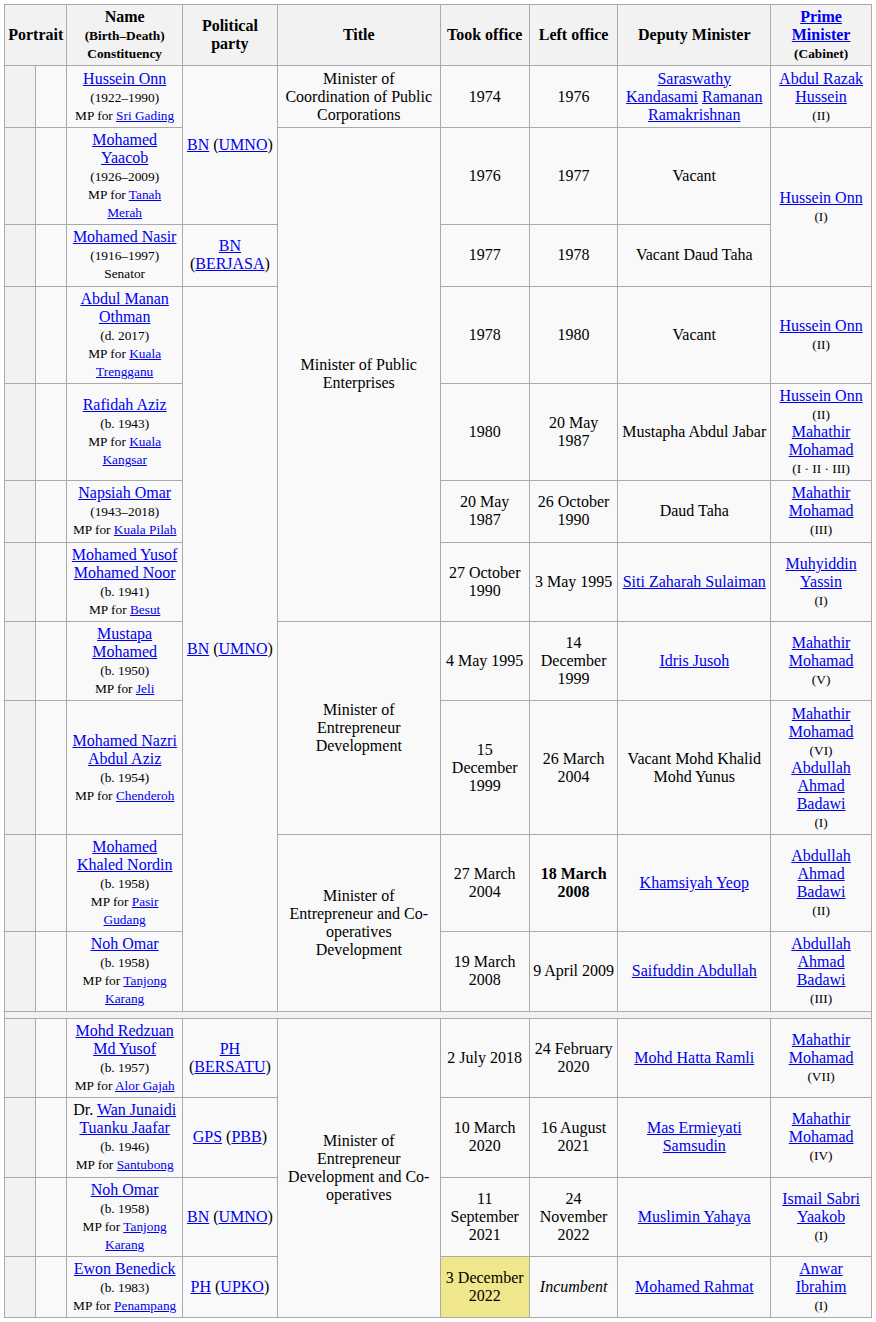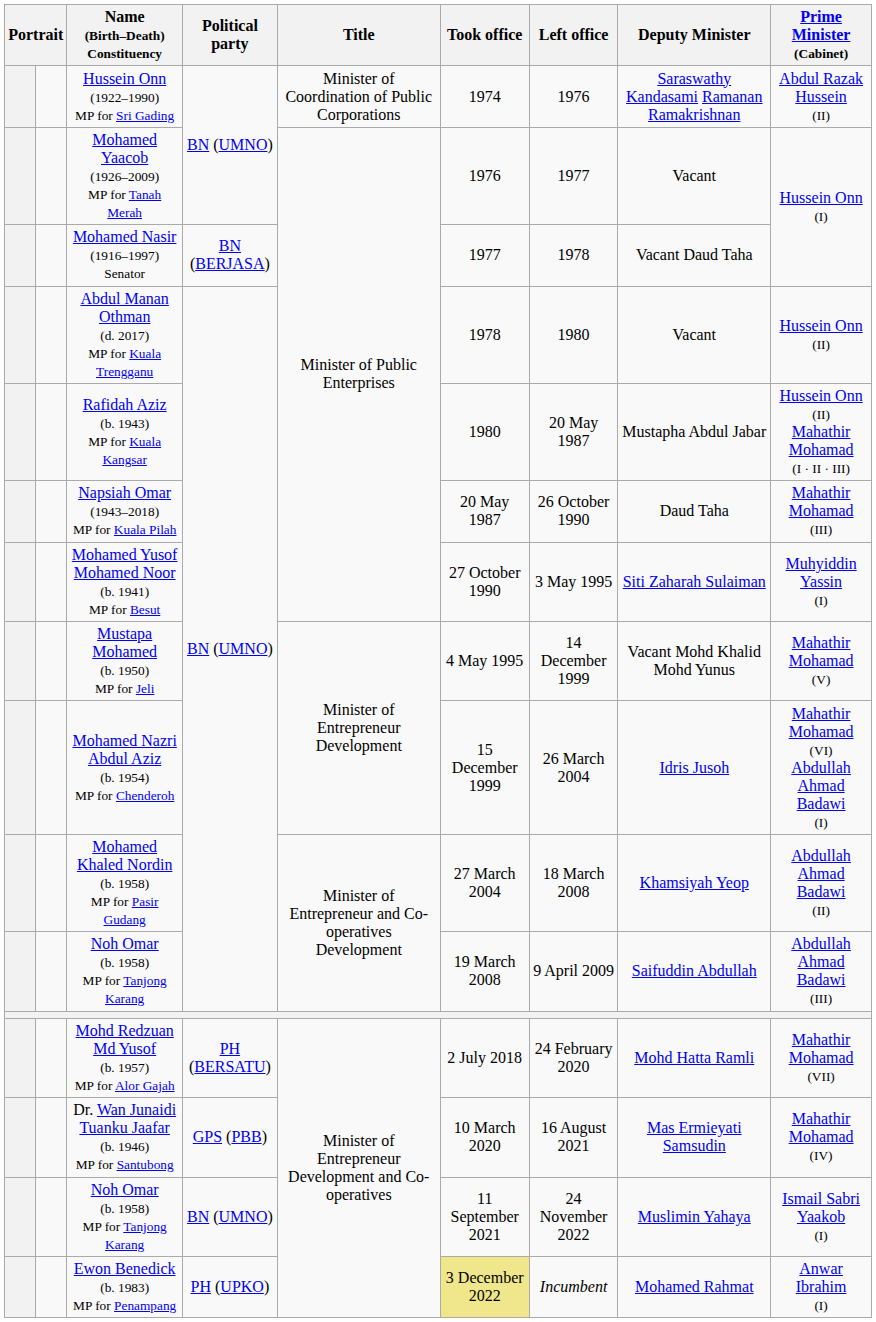 <table class="wikitable" style="text-align:center;">
 <tr>
 <th colspan=2>Portrait</th>
 <th>Name<br><small>(Birth–Death)<br>Constituency</small></th>
 <th>Political party</th>
 <th>Title</th>
 <th>Took office</th>
 <th>Left office</th>
 <th>Deputy Minister</th>
 <th><a href='#'>Prime Minister</a><br><small>(Cabinet)</small></th>
 </tr>
 <tr>
 <th style="background:"></th>
 <td></td>
 <td><a href='#'>Hussein Onn</a><br><small>(1922–1990)<br>MP for <a href='#'>Sri Gading</a></small></td>
 <td rowspan=2><a href='#'>BN</a> (<a href='#'>UMNO</a>)</td>
 <td>Minister of Coordination of Public Corporations</td>
 <td>1974</td>
 <td>1976</td>
 <td><a href='#'>Saraswathy Kandasami</a>  <a href='#'>Ramanan Ramakrishnan</a> </td>
 <td><a href='#'>Abdul Razak Hussein</a><br><small>(II)</small></td>
 </tr>
 <tr>
 <th style="background:"></th>
 <td></td>
 <td><a href='#'>Mohamed Yaacob</a><br><small>(1926–2009)<br>MP for <a href='#'>Tanah Merah</a></small></td>
 <td rowspan=6>Minister of Public Enterprises</td>
 <td>1976</td>
 <td>1977</td>
 <td>Vacant</td>
 <td rowspan="2"><a href='#'>Hussein Onn</a><br><small>(I)</small></td>
 </tr>
 <tr>
 <th style="background:"></th>
 <td></td>
 <td><a href='#'>Mohamed Nasir</a><br><small>(1916–1997)<br>Senator</small></td>
 <td><a href='#'>BN</a> (<a href='#'>BERJASA</a>)</td>
 <td>1977</td>
 <td>1978</td>
 <td>Vacant  Daud Taha </td>
 </tr>
 <tr>
 <th style="background:"></th>
 <td></td>
 <td><a href='#'>Abdul Manan Othman</a><br><small>(d. 2017)<br>MP for <a href='#'>Kuala Trengganu</a></small></td>
 <td rowspan=8><a href='#'>BN</a> (<a href='#'>UMNO</a>)</td>
 <td>1978</td>
 <td>1980</td>
 <td>Vacant</td>
 <td><a href='#'>Hussein Onn</a><br><small>(II)</small></td>
 </tr>
 <tr>
 <th style="background:"></th>
 <td></td>
 <td><a href='#'>Rafidah Aziz</a><br><small>(b. 1943)<br>MP for <a href='#'>Kuala Kangsar</a></small></td>
 <td>1980</td>
 <td>20 May 1987</td>
 <td>Mustapha Abdul Jabar</td>
 <td><a href='#'>Hussein Onn</a><br><small>(II)</small><br><a href='#'>Mahathir Mohamad</a><br><small>(I · II · III)</small></td>
 </tr>
 <tr>
 <th style="background:"></th>
 <td></td>
 <td><a href='#'>Napsiah Omar</a><br><small>(1943–2018)<br>MP for <a href='#'>Kuala Pilah</a></small></td>
 <td>20 May 1987</td>
 <td>26 October 1990</td>
 <td>Daud Taha</td>
 <td><a href='#'>Mahathir Mohamad</a><br><small>(III)</small></td>
 </tr>
 <tr>
 <th style="background:"></th>
 <td></td>
 <td><a href='#'>Mohamed Yusof Mohamed Noor</a><br><small>(b. 1941)<br>MP for <a href='#'>Besut</a></small></td>
 <td>27 October 1990</td>
 <td>3 May 1995</td>
 <td><a href='#'>Siti Zaharah Sulaiman</a></td>
 <td><a href='#'>Muhyiddin Yassin</a><br><small>(I)</small></td>
 </tr>
 <tr>
 <th style="background:"></th>
 <td></td>
 <td><a href='#'>Mustapa Mohamed</a><br><small>(b. 1950)<br>MP for <a href='#'>Jeli</a></small></td>
 <td rowspan=2>Minister of Entrepreneur Development</td>
 <td>4 May 1995</td>
 <td>14 December 1999</td>
-<td><a href='#'>Idris Jusoh</a></td>
+<td>Vacant  Mohd Khalid Mohd Yunus </td>
 <td><a href='#'>Mahathir Mohamad</a><br><small>(V)</small></td>
 </tr>
 <tr>
 <th style="background:"></th>
 <td></td>
 <td><a href='#'>Mohamed Nazri Abdul Aziz</a><br><small>(b. 1954)<br>MP for <a href='#'>Chenderoh</a></small></td>
 <td>15 December 1999</td>
 <td>26 March 2004</td>
-<td>Vacant  Mohd Khalid Mohd Yunus </td>
+<td><a href='#'>Idris Jusoh</a></td>
 <td><a href='#'>Mahathir Mohamad</a><br><small>(VI)</small><br><a href='#'>Abdullah Ahmad Badawi</a><br><small>(I)</small></td>
 </tr>
 <tr>
 <th style="background:"></th>
 <td></td>
 <td><a href='#'>Mohamed Khaled Nordin</a><br><small>(b. 1958)<br>MP for <a href='#'>Pasir Gudang</a></small></td>
 <td rowspan=2>Minister of Entrepreneur and Co-operatives Development</td>
 <td>27 March 2004</td>
-<td><strong>18 March 2008</strong></td>
+<td>18 March 2008</td>
 <td><a href='#'>Khamsiyah Yeop</a></td>
 <td><a href='#'>Abdullah Ahmad Badawi</a><br><small>(II)</small></td>
 </tr>
 <tr>
 <th style="background:"></th>
 <td></td>
 <td><a href='#'>Noh Omar</a><br><small>(b. 1958)<br>MP for <a href='#'>Tanjong Karang</a></small></td>
 <td>19 March 2008</td>
 <td>9 April 2009</td>
 <td><a href='#'>Saifuddin Abdullah</a></td>
 <td><a href='#'>Abdullah Ahmad Badawi</a><br><small>(III)</small></td>
 </tr>
 <tr>
 <th colspan="9" bgcolor="cccccc"></th>
 </tr>
 <tr>
 <th style="background:"></th>
 <td></td>
 <td><a href='#'>Mohd Redzuan Md Yusof</a><br><small>(b. 1957)<br>MP for <a href='#'>Alor Gajah</a></small></td>
 <td><a href='#'>PH</a> (<a href='#'>BERSATU</a>)</td>
 <td rowspan=4>Minister of Entrepreneur Development and Co-operatives</td>
 <td>2 July 2018</td>
 <td>24 February 2020</td>
 <td><a href='#'>Mohd Hatta Ramli</a></td>
 <td><a href='#'>Mahathir Mohamad</a><br><small>(VII)</small></td>
 </tr>
 <tr>
 <th style="background:"></th>
 <td></td>
 <td>Dr. <a href='#'>Wan Junaidi Tuanku Jaafar</a><br><small>(b. 1946)<br>MP for <a href='#'>Santubong</a></small></td>
 <td><a href='#'>GPS</a> (<a href='#'>PBB</a>)</td>
 <td>10 March 2020</td>
 <td>16 August 2021</td>
 <td><a href='#'>Mas Ermieyati Samsudin</a></td>
 <td><a href='#'>Mahathir Mohamad</a><br><small>(IV)</small></td>
 </tr>
 <tr>
 <th style="background:"></th>
 <td></td>
 <td><a href='#'>Noh Omar</a><br><small>(b. 1958)<br>MP for <a href='#'>Tanjong Karang</a></small></td>
 <td><a href='#'>BN</a> (<a href='#'>UMNO</a>)</td>
 <td>11 September 2021</td>
 <td>24 November 2022</td>
 <td><a href='#'>Muslimin Yahaya</a></td>
 <td><a href='#'>Ismail Sabri Yaakob</a><br><small>(I)</small></td>
 </tr>
 <tr>
 <th style="background:"></th>
 <td></td>
 <td><a href='#'>Ewon Benedick</a><br><small>(b. 1983)<br>MP for <a href='#'>Penampang</a></small></td>
 <td><a href='#'>PH</a> (<a href='#'>UPKO</a>)</td>
 <td style="background: khaki;">3 December 2022</td>
 <td><em>Incumbent</em></td>
 <td><a href='#'>Mohamed Rahmat</a></td>
 <td><a href='#'>Anwar Ibrahim</a><br><small>(I)</small></td>
 </tr>
 <tr>
 </tr>
 </table>
